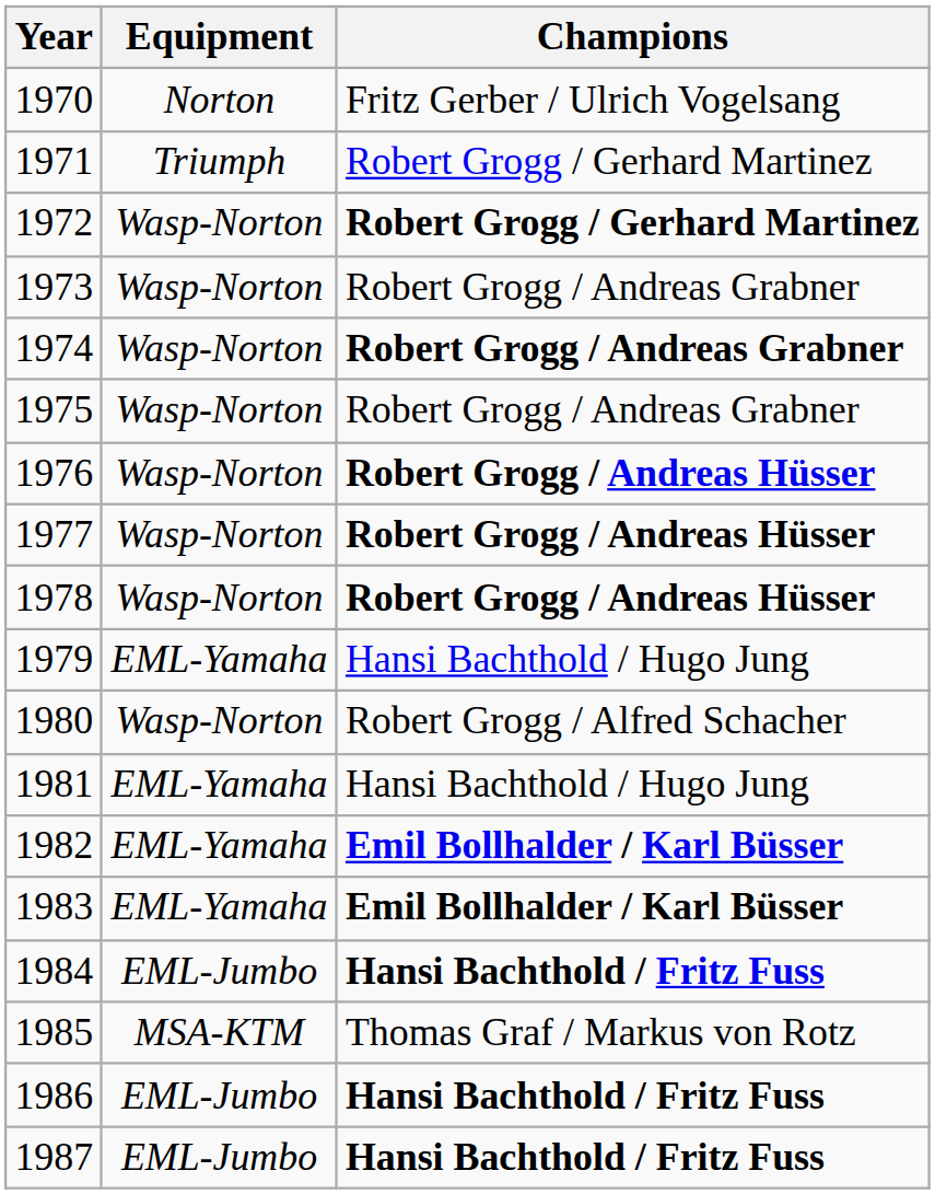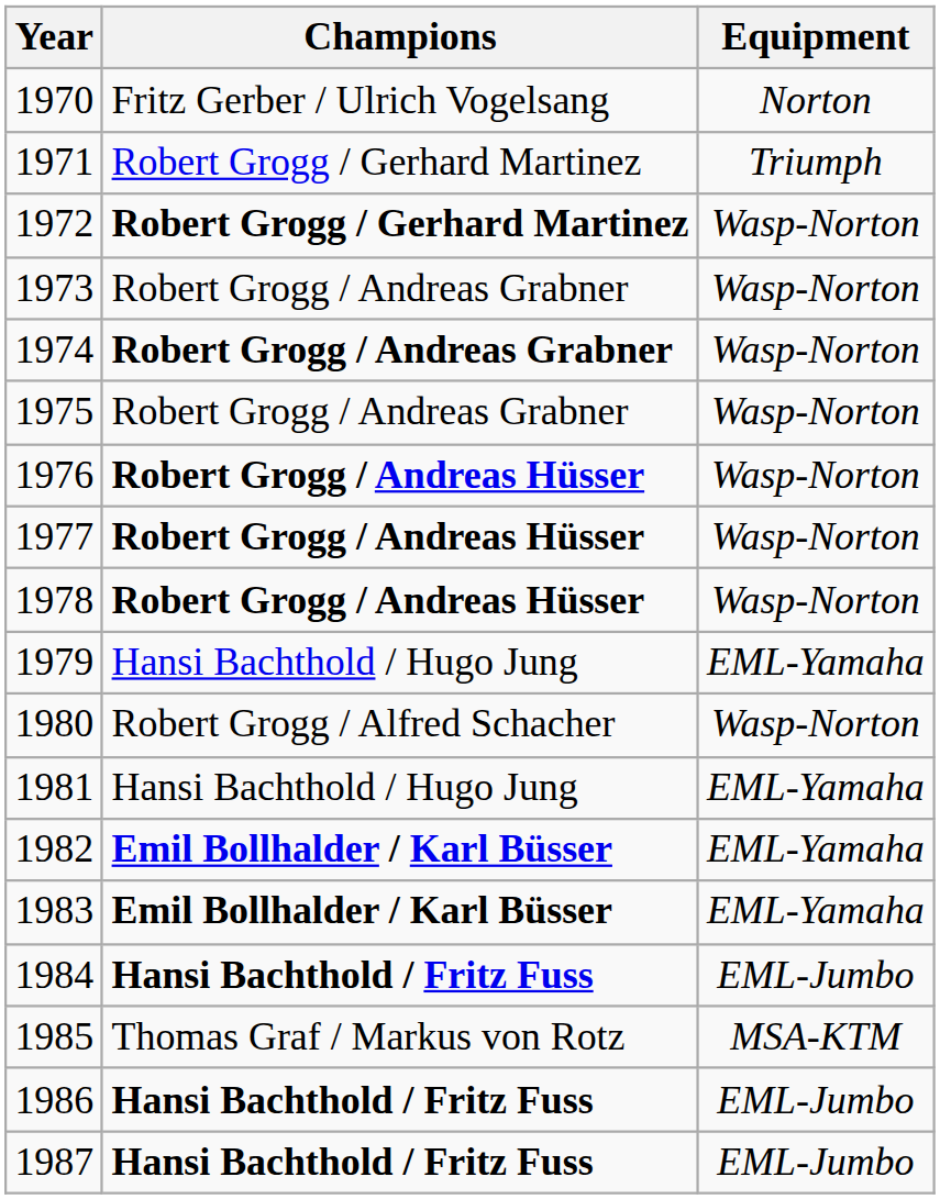 <table class="wikitable" style="display:inline-table;">
 <tr>
 <th>Year</th>
+<th>Champions</th>
 <th>Equipment</th>
-<th>Champions</th>
 </tr>
 <tr align="center">
 <td>1970</td>
+<td align="left">Fritz Gerber / Ulrich Vogelsang</td>
 <td><em>Norton</em></td>
-<td align="left">Fritz Gerber / Ulrich Vogelsang</td>
 </tr>
 <tr align="center">
 <td>1971</td>
+<td align="left"><a href='#'>Robert Grogg</a> / Gerhard Martinez</td>
 <td><em>Triumph</em></td>
-<td align="left"><a href='#'>Robert Grogg</a> / Gerhard Martinez</td>
 </tr>
 <tr align="center">
 <td>1972</td>
+<td align="left"><strong>Robert Grogg / Gerhard Martinez</strong></td>
 <td><em>Wasp-Norton</em></td>
-<td align="left"><strong>Robert Grogg / Gerhard Martinez</strong></td>
 </tr>
 <tr align="center">
 <td>1973</td>
+<td align="left">Robert Grogg / Andreas Grabner</td>
 <td><em>Wasp-Norton</em></td>
-<td align="left">Robert Grogg / Andreas Grabner</td>
 </tr>
 <tr align="center">
 <td>1974</td>
+<td align="left"><strong>Robert Grogg / Andreas Grabner</strong></td>
 <td><em>Wasp-Norton</em></td>
-<td align="left"><strong>Robert Grogg / Andreas Grabner</strong></td>
 </tr>
 <tr align="center">
 <td>1975</td>
+<td align="left">Robert Grogg / Andreas Grabner</td>
 <td><em>Wasp-Norton</em></td>
-<td align="left">Robert Grogg / Andreas Grabner</td>
 </tr>
 <tr align="center">
 <td>1976</td>
+<td align="left"><strong>Robert Grogg / <a href='#'>Andreas Hüsser</a></strong></td>
 <td><em>Wasp-Norton</em></td>
-<td align="left"><strong>Robert Grogg / <a href='#'>Andreas Hüsser</a></strong></td>
 </tr>
 <tr align="center">
 <td>1977</td>
+<td align="left"><strong>Robert Grogg / Andreas Hüsser</strong></td>
 <td><em>Wasp-Norton</em></td>
-<td align="left"><strong>Robert Grogg / Andreas Hüsser</strong></td>
 </tr>
 <tr align="center">
 <td>1978</td>
+<td align="left"><strong>Robert Grogg / Andreas Hüsser</strong></td>
 <td><em>Wasp-Norton</em></td>
-<td align="left"><strong>Robert Grogg / Andreas Hüsser</strong></td>
 </tr>
 <tr align="center">
 <td>1979</td>
+<td align="left"><a href='#'>Hansi Bachthold</a> / Hugo Jung</td>
 <td><em>EML-Yamaha</em></td>
-<td align="left"><a href='#'>Hansi Bachthold</a> / Hugo Jung</td>
 </tr>
 <tr align="center">
 <td>1980</td>
+<td align="left">Robert Grogg / Alfred Schacher</td>
 <td><em>Wasp-Norton</em></td>
-<td align="left">Robert Grogg / Alfred Schacher</td>
 </tr>
 <tr align="center">
 <td>1981</td>
+<td align="left">Hansi Bachthold / Hugo Jung</td>
 <td><em>EML-Yamaha</em></td>
-<td align="left">Hansi Bachthold / Hugo Jung</td>
 </tr>
 <tr align="center">
 <td>1982</td>
+<td align="left"><strong><a href='#'>Emil Bollhalder</a> / <a href='#'>Karl Büsser</a></strong></td>
 <td><em>EML-Yamaha</em></td>
-<td align="left"><strong><a href='#'>Emil Bollhalder</a> / <a href='#'>Karl Büsser</a></strong></td>
 </tr>
 <tr align="center">
 <td>1983</td>
+<td align="left"><strong>Emil Bollhalder / Karl Büsser</strong></td>
 <td><em>EML-Yamaha</em></td>
-<td align="left"><strong>Emil Bollhalder / Karl Büsser</strong></td>
 </tr>
 <tr align="center">
 <td>1984</td>
+<td align="left"><strong>Hansi Bachthold / <a href='#'>Fritz Fuss</a></strong></td>
 <td><em>EML-Jumbo</em></td>
-<td align="left"><strong>Hansi Bachthold / <a href='#'>Fritz Fuss</a></strong></td>
 </tr>
 <tr align="center">
 <td>1985</td>
+<td align="left">Thomas Graf / Markus von Rotz</td>
 <td><em>MSA-KTM</em></td>
-<td align="left">Thomas Graf / Markus von Rotz</td>
 </tr>
 <tr align="center">
 <td>1986</td>
+<td align="left"><strong>Hansi Bachthold / Fritz Fuss</strong></td>
 <td><em>EML-Jumbo</em></td>
-<td align="left"><strong>Hansi Bachthold / Fritz Fuss</strong></td>
 </tr>
 <tr align="center">
 <td>1987</td>
+<td align="left"><strong>Hansi Bachthold / Fritz Fuss</strong></td>
 <td><em>EML-Jumbo</em></td>
-<td align="left"><strong>Hansi Bachthold / Fritz Fuss</strong></td>
 </tr>
 </table>
